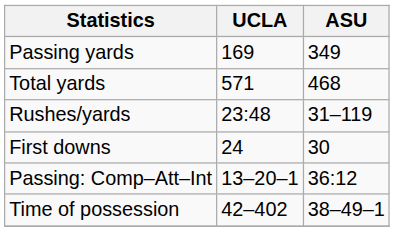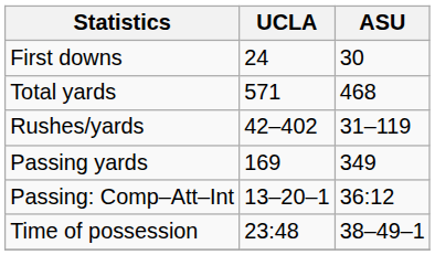 <table class="wikitable" style="float: left;">
 <tr>
 <th>Statistics</th>
 <th>UCLA</th>
 <th>ASU</th>
 </tr>
 <tr>
-<td>Passing yards</td>
-<td>169</td>
-<td>349</td>
+<td>First downs</td>
+<td>24</td>
+<td>30</td>
 </tr>
 <tr>
 <td>Total yards</td>
 <td>571</td>
 <td>468</td>
 </tr>
 <tr>
 <td>Rushes/yards</td>
-<td>23:48</td>
+<td>42–402</td>
 <td>31–119</td>
 </tr>
 <tr>
-<td>First downs</td>
-<td>24</td>
-<td>30</td>
+<td>Passing yards</td>
+<td>169</td>
+<td>349</td>
 </tr>
 <tr>
 <td>Passing: Comp–Att–Int</td>
 <td>13–20–1</td>
 <td>36:12</td>
 </tr>
 <tr>
 <td>Time of possession</td>
-<td>42–402</td>
+<td>23:48</td>
 <td>38–49–1</td>
 </tr>
 <tr>
 </tr>
 </table>
